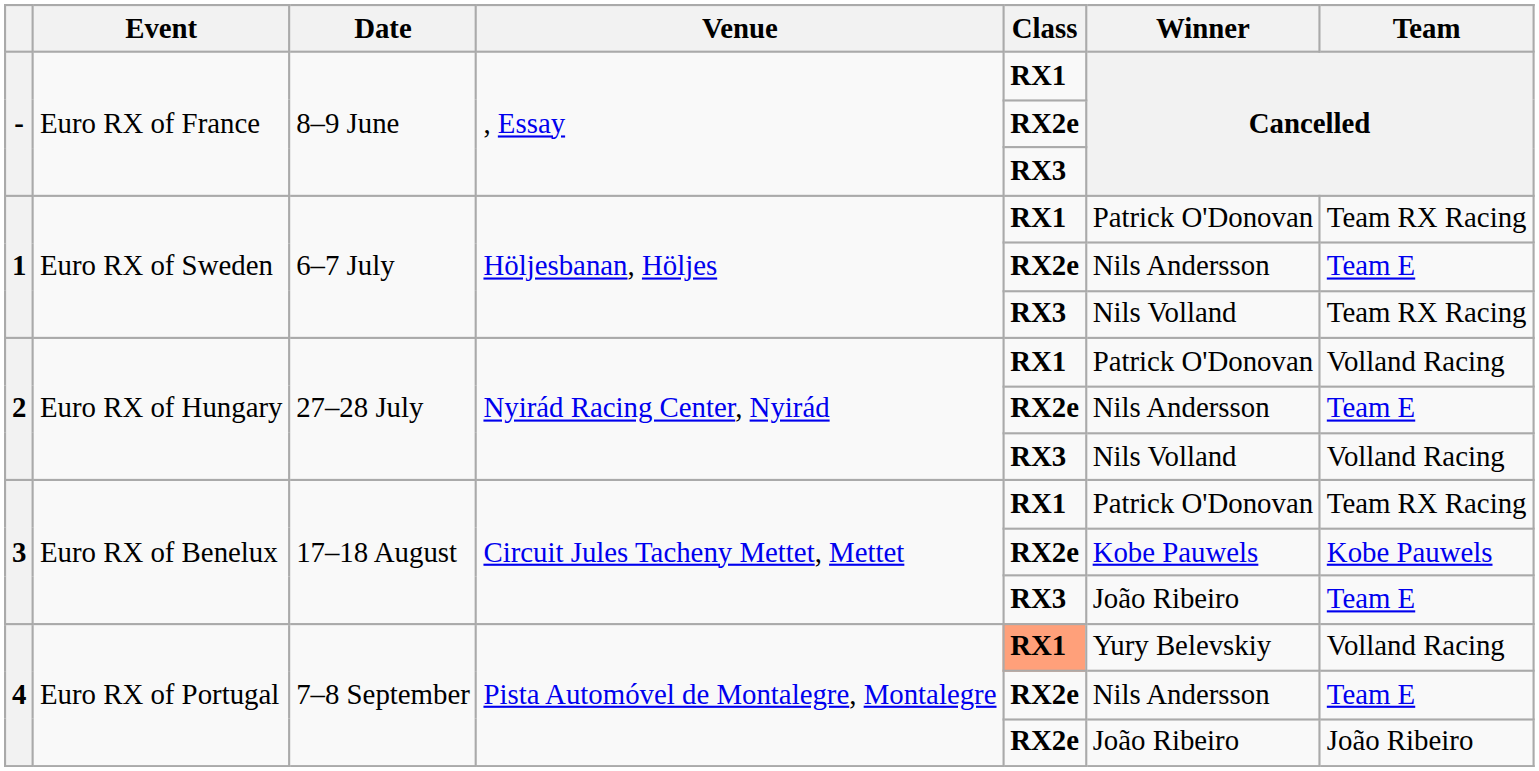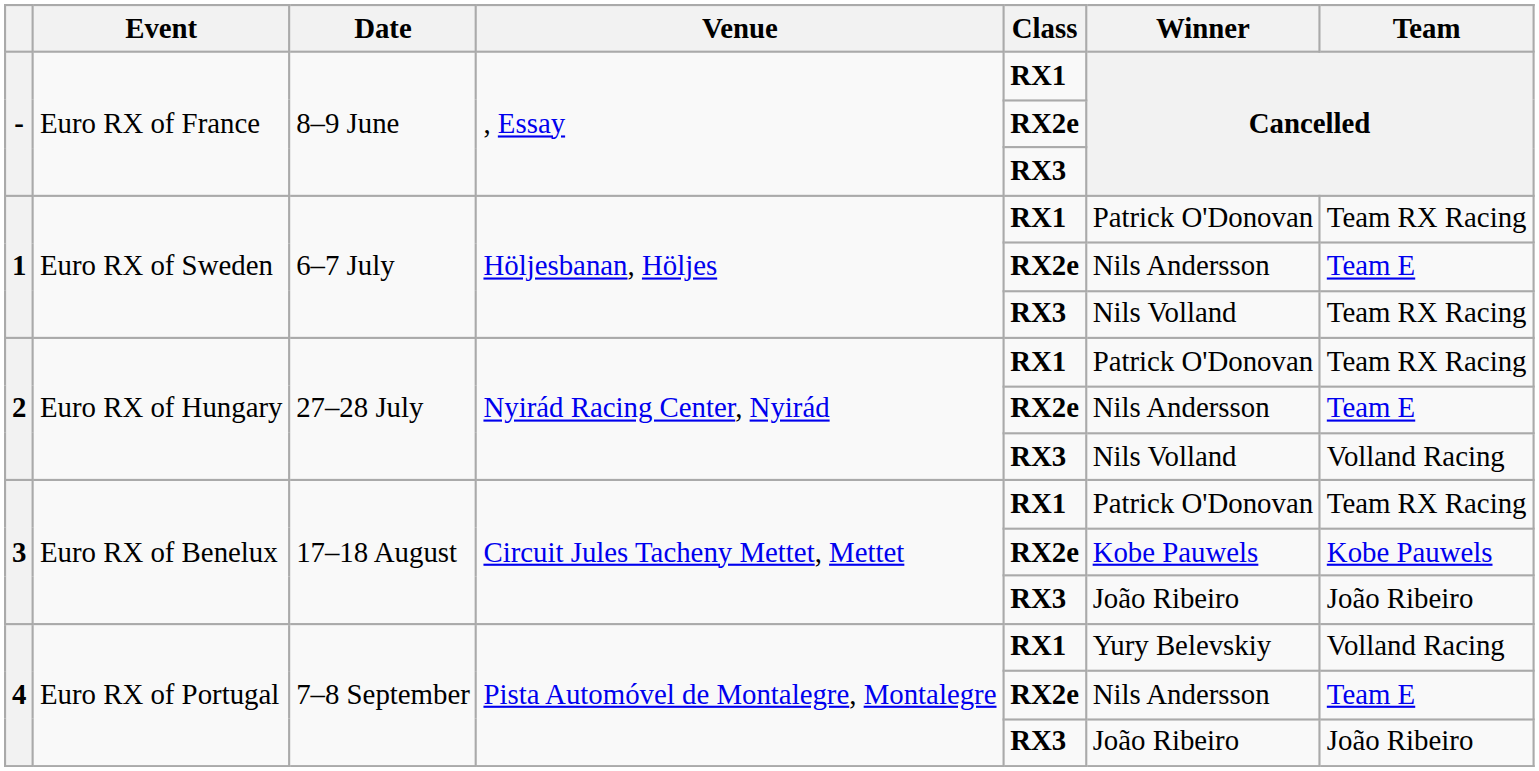 <table class="wikitable" style="font-size:85%;">
 <tr>
 <th></th>
 <th>Event</th>
 <th>Date</th>
 <th>Venue</th>
 <th>Class</th>
 <th>Winner</th>
 <th>Team</th>
 </tr>
 <tr>
 <th rowspan="3">-</th>
 <td rowspan="3"> Euro RX of France</td>
 <td rowspan="3">8–9 June</td>
 <td rowspan="3">, <a href='#'>Essay</a></td>
 <td><strong><span>RX1</span></strong></td>
 <th colspan="2" rowspan="3">Cancelled</th>
 </tr>
 <tr>
 <td><strong><span>RX2e</span></strong></td>
 </tr>
 <tr>
 <td><strong><span>RX3</span></strong></td>
 </tr>
 <tr>
 <th rowspan="3">1</th>
 <td rowspan="3"> Euro RX of Sweden</td>
 <td rowspan="3">6–7 July</td>
 <td rowspan="3"><a href='#'>Höljesbanan</a>, <a href='#'>Höljes</a></td>
 <td><strong><span>RX1</span></strong></td>
 <td> Patrick O'Donovan</td>
 <td> Team RX Racing</td>
 </tr>
 <tr>
 <td><strong><span>RX2e</span></strong></td>
 <td> Nils Andersson</td>
 <td> <a href='#'>Team E</a></td>
 </tr>
 <tr>
 <td><strong><span>RX3</span></strong></td>
 <td> Nils Volland</td>
 <td> Team RX Racing</td>
 </tr>
 <tr>
 <th rowspan="3">2</th>
 <td rowspan="3"> Euro RX of Hungary</td>
 <td rowspan="3">27–28 July</td>
 <td rowspan="3"><a href='#'>Nyirád Racing Center</a>, <a href='#'>Nyirád</a></td>
 <td><strong><span>RX1</span></strong></td>
 <td> Patrick O'Donovan</td>
-<td> Volland Racing</td>
+<td> Team RX Racing</td>
 </tr>
 <tr>
 <td><strong><span>RX2e</span></strong></td>
 <td> Nils Andersson</td>
 <td> <a href='#'>Team E</a></td>
 </tr>
 <tr>
 <td><strong><span>RX3</span></strong></td>
 <td> Nils Volland</td>
 <td> Volland Racing</td>
 </tr>
 <tr>
 <th rowspan="3">3</th>
 <td rowspan="3"> Euro RX of Benelux</td>
 <td rowspan="3">17–18 August</td>
 <td rowspan="3"><a href='#'>Circuit Jules Tacheny Mettet</a>, <a href='#'>Mettet</a></td>
 <td><strong><span>RX1</span></strong></td>
 <td> Patrick O'Donovan</td>
 <td> Team RX Racing</td>
 </tr>
 <tr>
 <td><strong><span>RX2e</span></strong></td>
 <td> <a href='#'>Kobe Pauwels</a></td>
 <td> <a href='#'>Kobe Pauwels</a></td>
 </tr>
 <tr>
 <td><strong><span>RX3</span></strong></td>
 <td> João Ribeiro</td>
-<td> <a href='#'>Team E</a></td>
+<td> João Ribeiro</td>
 </tr>
 <tr>
 <th rowspan="3">4</th>
 <td rowspan="3"> Euro RX of Portugal</td>
 <td rowspan="3">7–8 September</td>
 <td rowspan="3"><a href='#'>Pista Automóvel de Montalegre</a>, <a href='#'>Montalegre</a></td>
-<td style="background: lightsalmon;"><strong><span>RX1</span></strong></td>
+<td><strong><span>RX1</span></strong></td>
 <td> Yury Belevskiy</td>
 <td> Volland Racing</td>
 </tr>
 <tr>
 <td><strong><span>RX2e</span></strong></td>
 <td> Nils Andersson</td>
 <td> <a href='#'>Team E</a></td>
 </tr>
 <tr>
-<td><strong><span>RX2e</span></strong></td>
+<td><strong><span>RX3</span></strong></td>
 <td> João Ribeiro</td>
 <td> João Ribeiro</td>
 </tr>
 </table>
